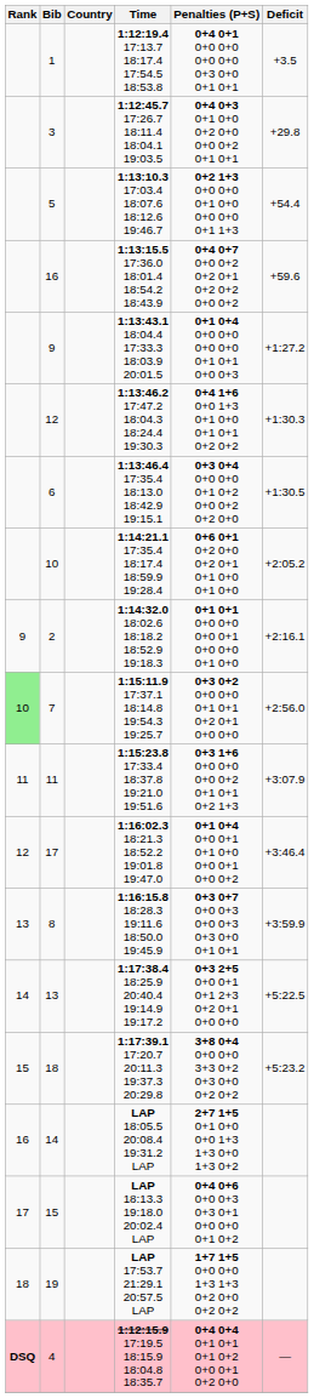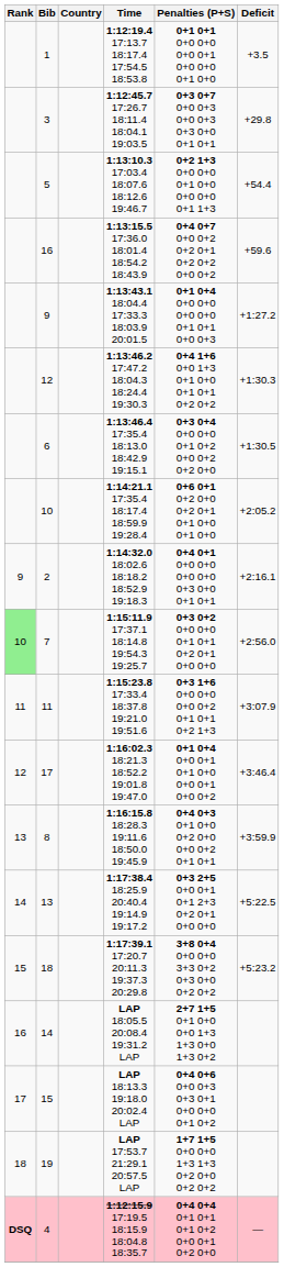 <table class="wikitable sortable" style="text-align:center">
 <tr>
 <th>Rank</th>
 <th>Bib</th>
 <th>Country</th>
 <th>Time</th>
 <th>Penalties (P+S)</th>
 <th>Deficit</th>
 </tr>
 <tr>
 <td></td>
 <td>1</td>
 <td align=left></td>
 <td><strong>1:12:19.4</strong><br>17:13.7<br>18:17.4<br>17:54.5<br>18:53.8</td>
-<td><strong>0+4 0+1</strong><br>0+0 0+0<br>0+0 0+0<br>0+3 0+0<br>0+1 0+1</td>
+<td><strong>0+1 0+1</strong><br>0+0 0+0<br>0+0 0+1<br>0+0 0+0<br>0+1 0+0</td>
 <td>+3.5</td>
 </tr>
 <tr>
 <td></td>
 <td>3</td>
 <td align=left></td>
 <td><strong>1:12:45.7</strong> <br>17:26.7<br>18:11.4<br>18:04.1<br>19:03.5</td>
-<td><strong>0+4 0+3</strong><br>0+1 0+0<br>0+2 0+0<br>0+0 0+2<br>0+1 0+1</td>
+<td><strong>0+3 0+7</strong><br>0+0 0+3<br>0+0 0+3<br>0+3 0+0<br>0+1 0+1</td>
 <td>+29.8</td>
 </tr>
 <tr>
 <td></td>
 <td>5</td>
 <td align=left></td>
 <td><strong>1:13:10.3</strong><br>17:03.4<br>18:07.6<br>18:12.6<br>19:46.7</td>
 <td><strong>0+2 1+3</strong><br>0+0 0+0<br>0+1 0+0<br>0+0 0+0<br>0+1 1+3</td>
 <td>+54.4</td>
 </tr>
 <tr>
 <td></td>
 <td>16</td>
 <td align=left></td>
 <td><strong>1:13:15.5</strong><br>17:36.0<br>18:01.4<br>18:54.2<br>18:43.9</td>
 <td><strong>0+4 0+7</strong><br>0+0 0+2<br>0+2 0+1<br>0+2 0+2<br>0+0 0+2</td>
 <td>+59.6</td>
 </tr>
 <tr>
 <td></td>
 <td>9</td>
 <td align=left></td>
 <td><strong>1:13:43.1</strong><br>18:04.4<br>17:33.3<br>18:03.9<br>20:01.5</td>
 <td><strong>0+1 0+4</strong><br>0+0 0+0<br>0+0 0+0<br>0+1 0+1<br>0+0 0+3</td>
 <td>+1:27.2</td>
 </tr>
 <tr>
 <td></td>
 <td>12</td>
 <td align=left></td>
 <td><strong>1:13:46.2</strong><br>17:47.2<br>18:04.3<br>18:24.4<br>19:30.3</td>
 <td><strong>0+4 1+6</strong><br>0+0 1+3<br>0+1 0+0<br>0+1 0+1<br>0+2 0+2</td>
 <td>+1:30.3</td>
 </tr>
 <tr>
 <td></td>
 <td>6</td>
 <td align=left></td>
 <td><strong>1:13:46.4</strong><br>17:35.4<br>18:13.0<br>18:42.9<br>19:15.1</td>
 <td><strong>0+3 0+4</strong><br>0+0 0+0<br>0+1 0+2<br>0+0 0+2<br>0+2 0+0</td>
 <td>+1:30.5</td>
 </tr>
 <tr>
 <td></td>
 <td>10</td>
 <td align=left></td>
 <td><strong>1:14:21.1</strong><br>17:35.4<br>18:17.4<br>18:59.9<br>19:28.4</td>
 <td><strong>0+6 0+1</strong><br>0+2 0+0<br>0+2 0+1<br>0+1 0+0<br>0+1 0+0</td>
 <td>+2:05.2</td>
 </tr>
 <tr>
 <td>9</td>
 <td>2</td>
 <td align=left></td>
 <td><strong>1:14:32.0</strong><br>18:02.6<br>18:18.2<br>18:52.9<br>19:18.3</td>
-<td><strong>0+1 0+1</strong><br>0+0 0+0<br>0+0 0+1<br>0+0 0+0<br>0+1 0+0</td>
+<td><strong>0+4 0+1</strong><br>0+0 0+0<br>0+0 0+0<br>0+3 0+0<br>0+1 0+1</td>
 <td>+2:16.1</td>
 </tr>
 <tr>
 <td style="background: lightgreen;">10</td>
 <td>7</td>
 <td align=left></td>
 <td><strong>1:15:11.9</strong><br>17:37.1<br>18:14.8<br>19:54.3<br>19:25.7</td>
 <td><strong>0+3 0+2</strong><br>0+0 0+0<br>0+1 0+1<br>0+2 0+1<br>0+0 0+0</td>
 <td>+2:56.0</td>
 </tr>
 <tr>
 <td>11</td>
 <td>11</td>
 <td align=left></td>
 <td><strong>1:15:23.8</strong><br>17:33.4<br>18:37.8<br>19:21.0<br>19:51.6</td>
 <td><strong>0+3 1+6</strong><br>0+0 0+0<br>0+0 0+2<br>0+1 0+1<br>0+2 1+3</td>
 <td>+3:07.9</td>
 </tr>
 <tr>
 <td>12</td>
 <td>17</td>
 <td align=left></td>
 <td><strong>1:16:02.3</strong><br>18:21.3<br>18:52.2<br>19:01.8<br>19:47.0</td>
 <td><strong>0+1 0+4</strong><br>0+0 0+1<br>0+1 0+0<br>0+0 0+1<br>0+0 0+2</td>
 <td>+3:46.4</td>
 </tr>
 <tr>
 <td>13</td>
 <td>8</td>
 <td align=left></td>
 <td><strong>1:16:15.8</strong><br>18:28.3<br>19:11.6<br>18:50.0<br>19:45.9</td>
-<td><strong>0+3 0+7</strong><br>0+0 0+3<br>0+0 0+3<br>0+3 0+0<br>0+1 0+1</td>
+<td><strong>0+4 0+3</strong><br>0+1 0+0<br>0+2 0+0<br>0+0 0+2<br>0+1 0+1</td>
 <td>+3:59.9</td>
 </tr>
 <tr>
 <td>14</td>
 <td>13</td>
 <td align=left></td>
 <td><strong>1:17:38.4</strong><br>18:25.9<br>20:40.4<br>19:14.9<br>19:17.2</td>
 <td><strong>0+3 2+5</strong><br>0+0 0+1<br>0+1 2+3<br>0+2 0+1<br>0+0 0+0</td>
 <td>+5:22.5</td>
 </tr>
 <tr>
 <td>15</td>
 <td>18</td>
 <td align=left></td>
 <td><strong>1:17:39.1</strong><br>17:20.7<br>20:11.3<br>19:37.3<br>20:29.8</td>
 <td><strong>3+8 0+4</strong><br>0+0 0+0<br>3+3 0+2<br>0+3 0+0<br>0+2 0+2</td>
 <td>+5:23.2</td>
 </tr>
 <tr>
 <td>16</td>
 <td>14</td>
 <td align=left></td>
 <td><strong>LAP</strong><br>18:05.5<br>20:08.4<br>19:31.2<br>LAP</td>
 <td><strong>2+7 1+5</strong><br>0+1 0+0<br>0+0 1+3<br>1+3 0+0<br>1+3 0+2</td>
 <td></td>
 </tr>
 <tr>
 <td>17</td>
 <td>15</td>
 <td align=left></td>
 <td><strong>LAP</strong><br>18:13.3<br>19:18.0<br>20:02.4<br>LAP</td>
 <td><strong>0+4 0+6</strong><br>0+0 0+3<br>0+3 0+1<br>0+0 0+0<br>0+1 0+2</td>
 <td></td>
 </tr>
 <tr>
 <td>18</td>
 <td>19</td>
 <td align=left></td>
 <td><strong>LAP</strong><br>17:53.7<br>21:29.1<br>20:57.5<br>LAP</td>
 <td><strong>1+7 1+5</strong><br>0+0 0+0<br>1+3 1+3<br>0+2 0+0<br>0+2 0+2</td>
 <td></td>
 </tr>
 <tr bgcolor=pink>
 <td><strong>DSQ</strong></td>
 <td>4</td>
 <td align=left></td>
 <td><s><strong>1:12:15.9</strong></s><br>17:19.5<br>18:15.9<br>18:04.8<br>18:35.7</td>
 <td><strong>0+4 0+4</strong><br>0+1 0+1<br>0+1 0+2<br>0+0 0+1<br>0+2 0+0</td>
 <td>—</td>
 </tr>
 <tr>
 </tr>
 </table>
